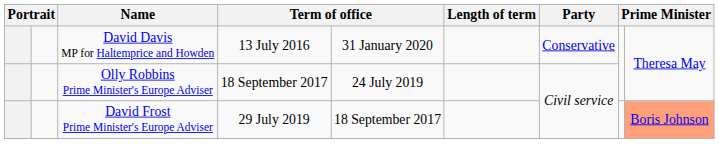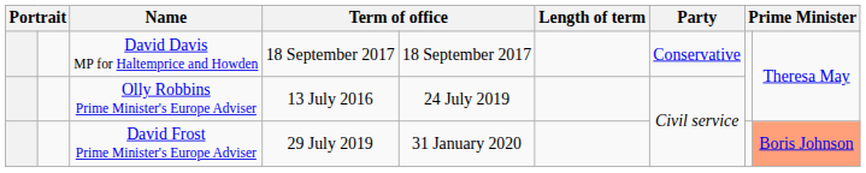 <table class="wikitable" style="text-align:center">
 <tr>
 <th colspan=2>Portrait</th>
 <th>Name</th>
 <th colspan=2>Term of office</th>
 <th>Length of term</th>
 <th>Party</th>
 <th colspan="2">Prime Minister</th>
 </tr>
 <tr>
 <th style="background-color: "></th>
 <td></td>
 <td><a href='#'>David Davis</a><br><small>MP for <a href='#'>Haltemprice and Howden</a></small></td>
-<td>13 July 2016</td>
-<td>31 January 2020</td>
+<td>18 September 2017</td>
+<td>18 September 2017</td>
 <td></td>
 <td><a href='#'>Conservative</a></td>
 <td rowspan="2" style="background-color: "></td>
 <td rowspan="2"><a href='#'>Theresa May</a></td>
 </tr>
 <tr>
 <th></th>
 <td></td>
 <td><a href='#'>Olly Robbins</a><br><small><a href='#'>Prime Minister's Europe Adviser</a></small></td>
-<td>18 September 2017</td>
+<td>13 July 2016</td>
 <td>24 July 2019</td>
 <td></td>
 <td rowspan="2"><em>Civil service</em></td>
 </tr>
 <tr>
 <th></th>
 <td></td>
 <td><a href='#'>David Frost</a><br><small><a href='#'>Prime Minister's Europe Adviser</a></small></td>
 <td>29 July 2019</td>
-<td>18 September 2017</td>
+<td>31 January 2020</td>
 <td></td>
 <td style="background-color: "></td>
 <td style="background: lightsalmon;"><a href='#'>Boris Johnson</a></td>
 </tr>
 </table>
